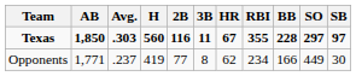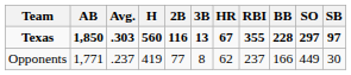 <table class="wikitable sortable">
 <tr>
 <th>Team</th>
 <th>AB</th>
 <th>Avg.</th>
 <th>H</th>
 <th>2B</th>
 <th>3B</th>
 <th>HR</th>
 <th>RBI</th>
 <th>BB</th>
 <th>SO</th>
 <th>SB</th>
 </tr>
 <tr style="text-align:center;">
 <td><strong>Texas</strong></td>
 <td><strong>1,850</strong></td>
 <td><strong>.303</strong></td>
 <td><strong>560</strong></td>
 <td><strong>116</strong></td>
-<td><strong>11</strong></td>
+<td><strong>13</strong></td>
 <td><strong>67</strong></td>
 <td><strong>355</strong></td>
 <td><strong>228</strong></td>
 <td><strong>297</strong></td>
 <td><strong>97</strong></td>
 </tr>
 <tr style="text-align:center;">
 <td>Opponents</td>
 <td>1,771</td>
 <td>.237</td>
 <td>419</td>
 <td>77</td>
 <td>8</td>
 <td>62</td>
-<td>234</td>
+<td>237</td>
 <td>166</td>
 <td>449</td>
 <td>30</td>
 </tr>
 </table>
